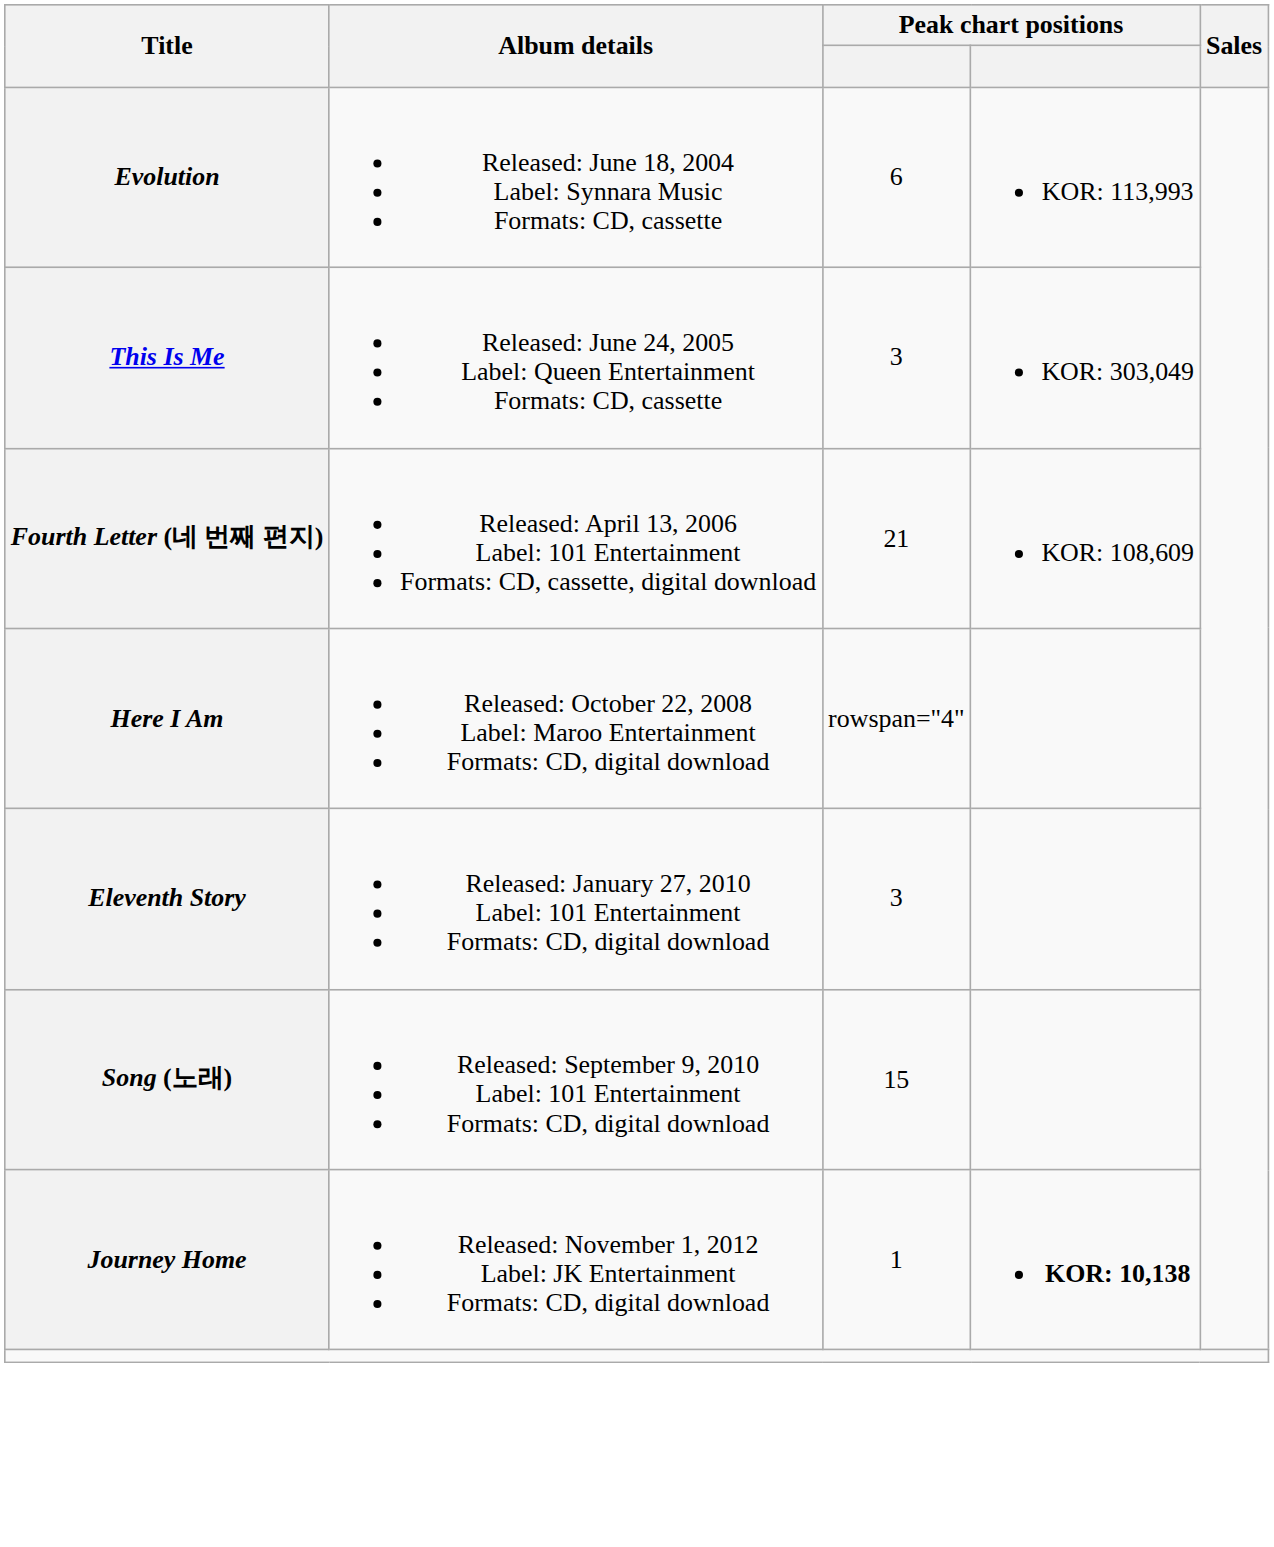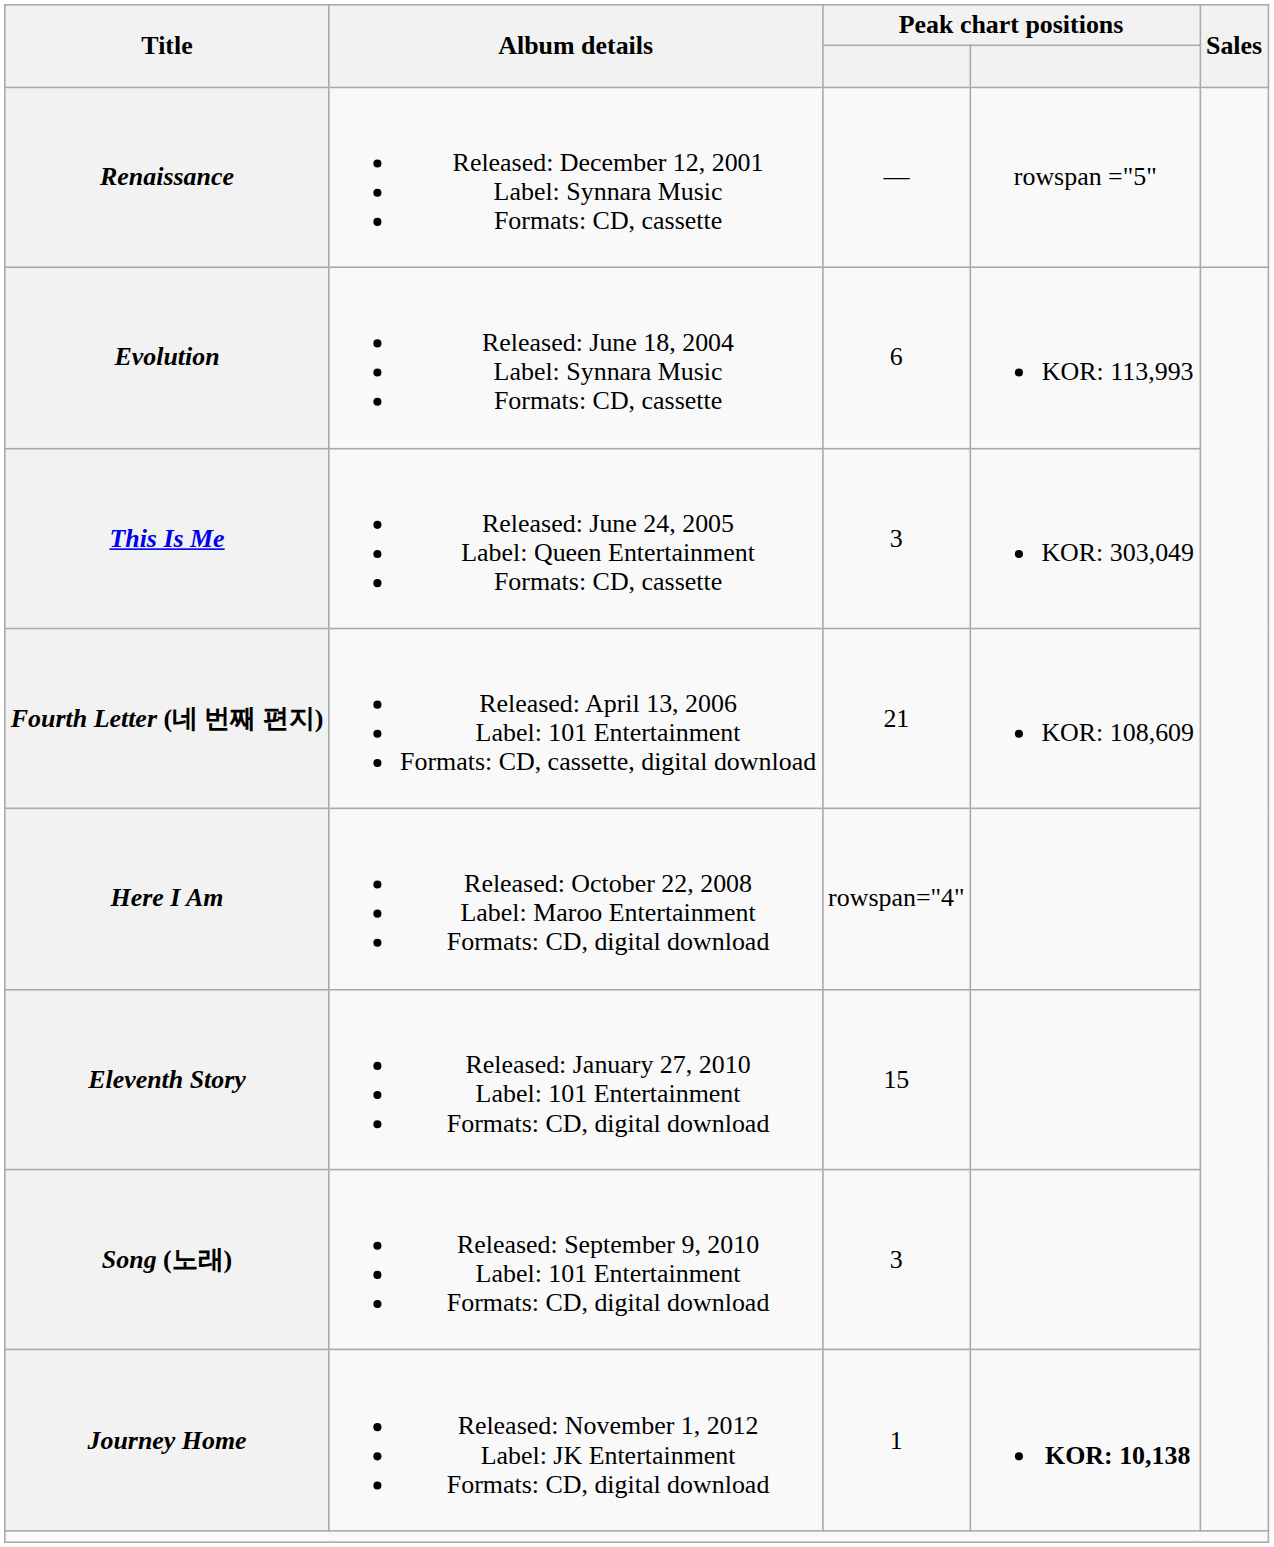 <table class="wikitable plainrowheaders" style="text-align:center">
 <tr>
 <th scope="col" rowspan="2">Title</th>
 <th scope="col" rowspan="2">Album details</th>
 <th scope="col" colspan="2" style="width:5em">Peak chart positions</th>
 <th scope="col" rowspan="2">Sales</th>
 </tr>
 <tr>
 <th><br></th>
 <th><br></th>
+</tr>
+<tr>
+<th scope="row"><em>Renaissance</em></th>
+<td><br><ul><li>Released: December 12, 2001</li><li>Label: Synnara Music</li><li>Formats: CD, cassette</li></ul></td>
+<td>—</td>
+<td>rowspan ="5" </td>
+<td></td>
 </tr>
 <tr>
 <th scope="row"><em>Evolution</em></th>
 <td><br><ul><li>Released: June 18, 2004</li><li>Label: Synnara Music</li><li>Formats: CD, cassette</li></ul></td>
 <td>6</td>
 <td><br><ul><li>KOR: 113,993</li></ul></td>
 </tr>
 <tr>
 <th scope="row"><em><a href='#'>This Is Me</a></em></th>
 <td><br><ul><li>Released: June 24, 2005</li><li>Label: Queen Entertainment</li><li>Formats: CD, cassette</li></ul></td>
 <td>3</td>
 <td><br><ul><li>KOR: 303,049</li></ul></td>
 </tr>
 <tr>
 <th scope="row"><em>Fourth Letter</em> (네 번째 편지)</th>
 <td><br><ul><li>Released: April 13, 2006</li><li>Label: 101 Entertainment</li><li>Formats: CD, cassette, digital download</li></ul></td>
 <td>21</td>
 <td><br><ul><li>KOR: 108,609</li></ul></td>
 </tr>
 <tr>
 <th scope="row"><em>Here I Am</em></th>
 <td><br><ul><li>Released: October 22, 2008</li><li>Label: Maroo Entertainment</li><li>Formats: CD, digital download</li></ul></td>
 <td>rowspan="4" </td>
 <td></td>
 </tr>
 <tr>
 <th scope="row"><em>Eleventh Story</em></th>
 <td><br><ul><li>Released: January 27, 2010</li><li>Label: 101 Entertainment</li><li>Formats: CD, digital download</li></ul></td>
-<td>3</td>
+<td>15</td>
 <td></td>
 </tr>
 <tr>
 <th scope="row"><em>Song</em> (노래)<br></th>
 <td><br><ul><li>Released: September 9, 2010</li><li>Label: 101 Entertainment</li><li>Formats: CD, digital download</li></ul></td>
-<td>15</td>
+<td>3</td>
 <td></td>
 </tr>
 <tr>
 <th scope="row"><em>Journey Home</em></th>
 <td><br><ul><li>Released: November 1, 2012</li><li>Label: JK Entertainment</li><li>Formats: CD, digital download</li></ul></td>
 <td>1</td>
 <td><strong><br><ul><li>KOR: 10,138</li></ul></strong></td>
 </tr>
 <tr>
 <td colspan="5"></td>
 </tr>
 </table>
